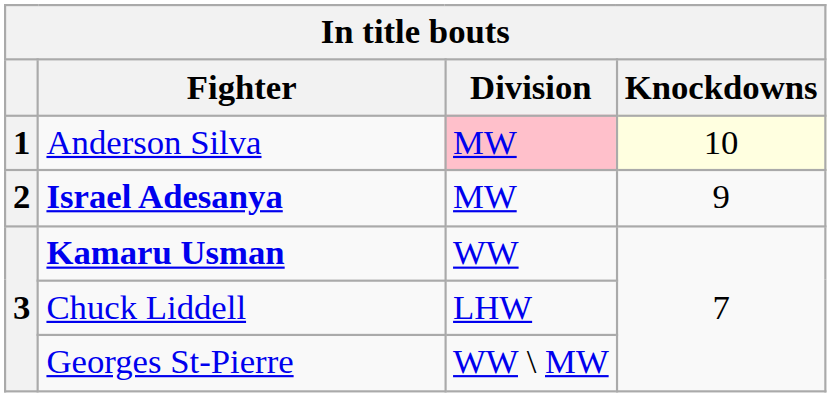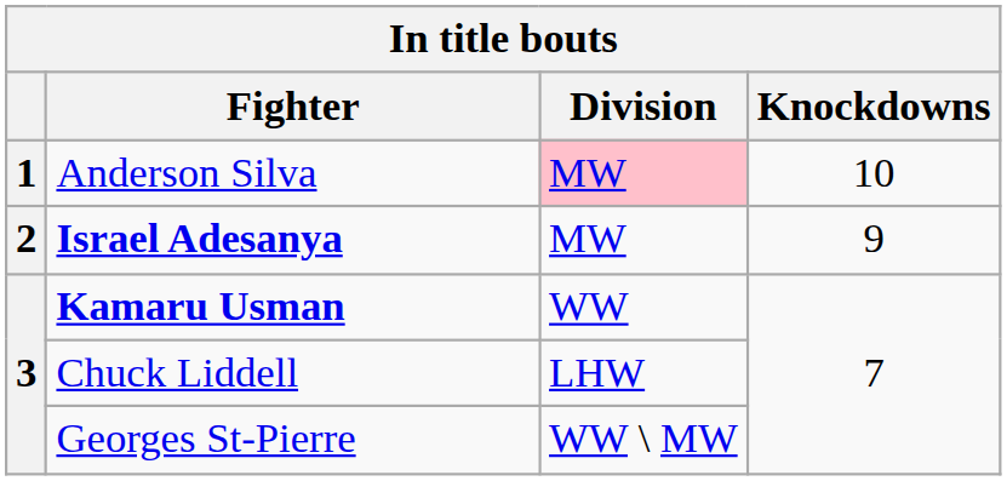 <table class=wikitable>
 <tr>
 <th colspan=4>In title bouts</th>
 </tr>
 <tr>
 <th></th>
 <th width=180>Fighter</th>
 <th>Division</th>
 <th>Knockdowns</th>
 </tr>
 <tr>
 <th>1</th>
 <td> <a href='#'>Anderson Silva</a></td>
 <td style="background: pink;"><a href='#'>MW</a></td>
-<td align=center style="background: lightyellow;">10</td>
+<td align=center>10</td>
 </tr>
 <tr>
 <th>2</th>
 <td> <strong><a href='#'>Israel Adesanya</a></strong></td>
 <td><a href='#'>MW</a></td>
 <td align=center>9</td>
 </tr>
 <tr>
 <th rowspan=3>3</th>
 <td> <strong><a href='#'>Kamaru Usman</a></strong></td>
 <td><a href='#'>WW</a></td>
 <td align=center rowspan=3>7</td>
 </tr>
 <tr>
 <td> <a href='#'>Chuck Liddell</a></td>
 <td><a href='#'>LHW</a></td>
 </tr>
 <tr>
 <td> <a href='#'>Georges St-Pierre</a></td>
 <td><a href='#'>WW</a> \ <a href='#'>MW</a></td>
 </tr>
 </table>
